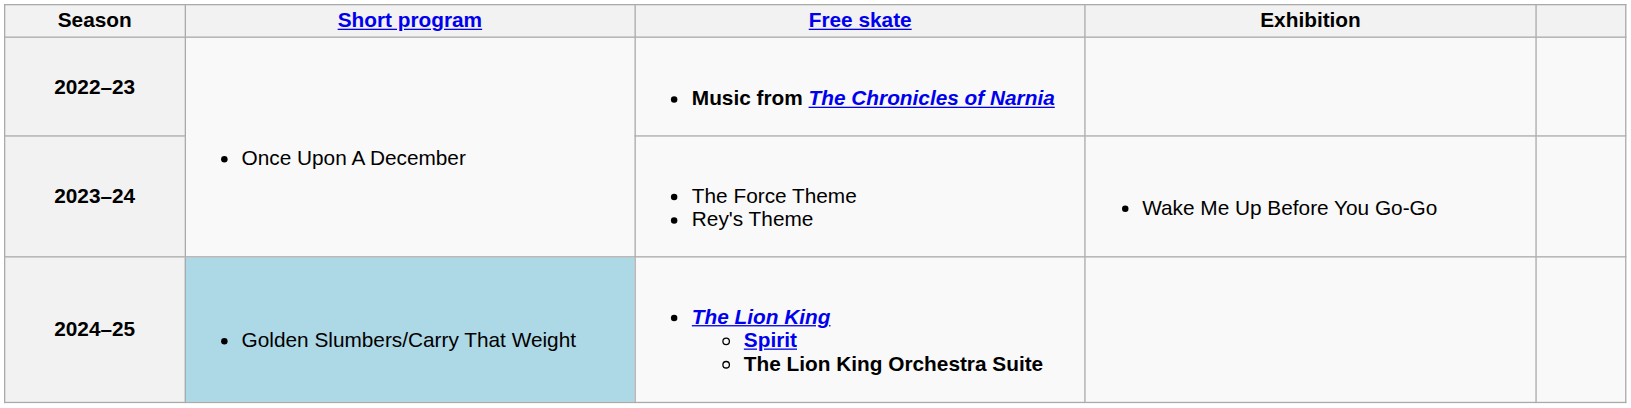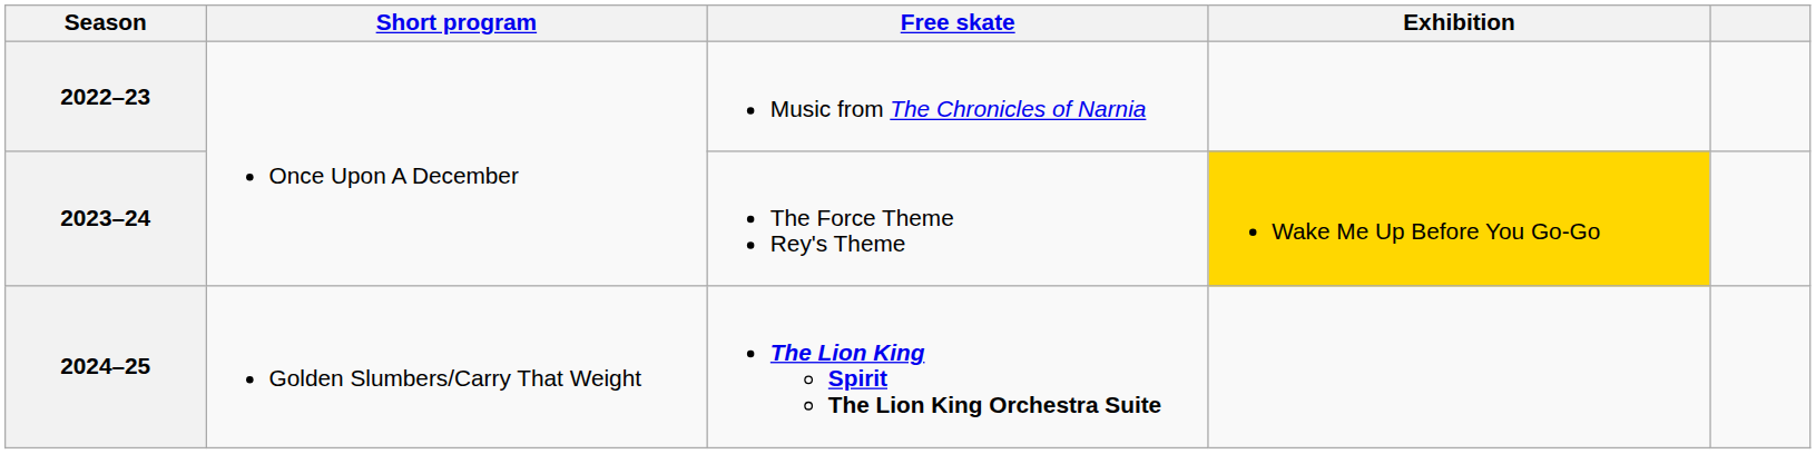 <table class="wikitable unsortable" style="text-align:left">
 <tr>
 <th scope="col" style="text-align:center; width:10%">Season</th>
 <th scope="col" style="text-align:center; width:25%"><a href='#'>Short program</a></th>
 <th scope="col" style="text-align:center; width:25%"><a href='#'>Free skate</a></th>
 <th scope="col" style="text-align:center; width:25%">Exhibition</th>
 <th scope="col" style="text-align:center; width:5%"></th>
 </tr>
 <tr>
 <th scope="row">2022–23</th>
 <td rowspan="2"><br><ul><li>Once Upon A December<br></li></ul></td>
-<td><strong><br><ul><li>Music from <em><a href='#'>The Chronicles of Narnia</a></em><br></li></ul></strong></td>
+<td><br><ul><li>Music from <em><a href='#'>The Chronicles of Narnia</a></em><br></li></ul></td>
 <td></td>
 <td></td>
 </tr>
 <tr>
 <th scope="row">2023–24</th>
 <td><br><ul><li>The Force Theme</li><li>Rey's Theme<br></li></ul></td>
-<td><br><ul><li>Wake Me Up Before You Go-Go<br></li></ul></td>
+<td style="background: gold;"><br><ul><li>Wake Me Up Before You Go-Go<br></li></ul></td>
 <td></td>
 </tr>
 <tr>
 <th scope="row">2024–25</th>
-<td style="background: lightblue;"><br><ul><li>Golden Slumbers/Carry That Weight <br></li></ul></td>
+<td><br><ul><li>Golden Slumbers/Carry That Weight <br></li></ul></td>
 <td><strong><br><ul><li><em><a href='#'>The Lion King</a></em><ul><li><a href='#'>Spirit</a> <br> </li><li>The Lion King Orchestra Suite <br> </li></ul></li></ul></strong></td>
 <td></td>
 <td></td>
 </tr>
 </table>
